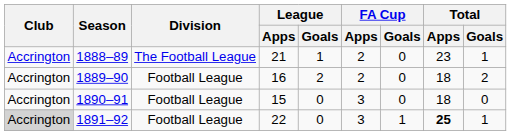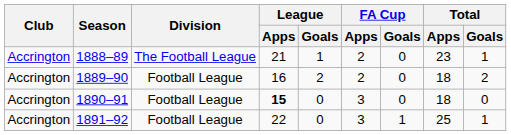 <table class="wikitable" style="text-align:center;">
 <tr>
 <th rowspan="2">Club</th>
 <th rowspan="2">Season</th>
 <th rowspan="2">Division</th>
 <th colspan="2">League</th>
 <th colspan="2"><a href='#'>FA Cup</a></th>
 <th colspan="2">Total</th>
 </tr>
 <tr>
 <th>Apps</th>
 <th>Goals</th>
 <th>Apps</th>
 <th>Goals</th>
 <th>Apps</th>
 <th>Goals</th>
 </tr>
 <tr>
 <td><a href='#'>Accrington</a></td>
 <td><a href='#'>1888–89</a></td>
 <td><a href='#'>The Football League</a></td>
 <td>21</td>
 <td>1</td>
 <td>2</td>
 <td>0</td>
 <td>23</td>
 <td>1</td>
 </tr>
 <tr>
 <td>Accrington</td>
 <td><a href='#'>1889–90</a></td>
 <td>Football League</td>
 <td>16</td>
 <td>2</td>
 <td>2</td>
 <td>0</td>
 <td>18</td>
 <td>2</td>
 </tr>
 <tr>
 <td>Accrington</td>
 <td><a href='#'>1890–91</a></td>
 <td>Football League</td>
-<td>15</td>
+<td><strong>15</strong></td>
 <td>0</td>
 <td>3</td>
 <td>0</td>
 <td>18</td>
 <td>0</td>
 </tr>
 <tr>
-<td style="background: lightgrey;">Accrington</td>
+<td>Accrington</td>
 <td><a href='#'>1891–92</a></td>
 <td>Football League</td>
 <td>22</td>
 <td>0</td>
 <td>3</td>
 <td>1</td>
-<td><strong>25</strong></td>
+<td>25</td>
 <td>1</td>
 </tr>
 </table>
